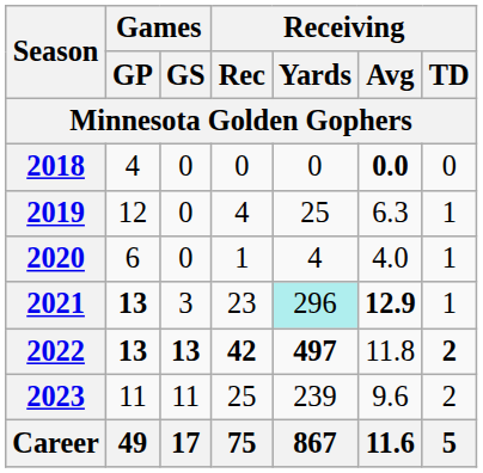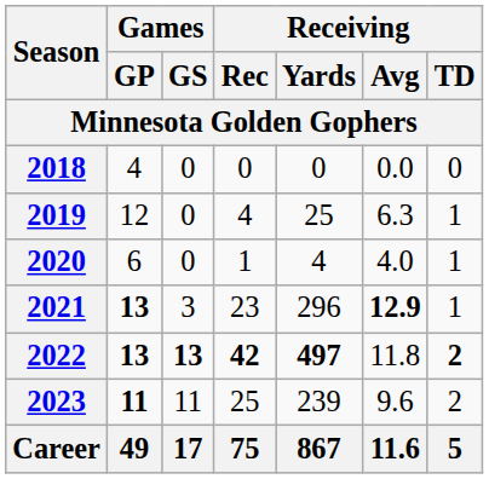 <table class="wikitable" style="text-align:center;">
 <tr>
 <th rowspan="2">Season</th>
 <th colspan="2">Games</th>
 <th colspan="4">Receiving</th>
 </tr>
 <tr>
 <th>GP</th>
 <th>GS</th>
 <th>Rec</th>
 <th>Yards</th>
 <th>Avg</th>
 <th>TD</th>
 </tr>
 <tr>
 <th colspan="7">Minnesota Golden Gophers</th>
 </tr>
 <tr>
 <th><a href='#'>2018</a></th>
 <td>4</td>
 <td>0</td>
 <td>0</td>
 <td>0</td>
-<td><strong>0.0</strong></td>
+<td>0.0</td>
 <td>0</td>
 </tr>
 <tr>
 <th><a href='#'>2019</a></th>
 <td>12</td>
 <td>0</td>
 <td>4</td>
 <td>25</td>
 <td>6.3</td>
 <td>1</td>
 </tr>
 <tr>
 <th><a href='#'>2020</a></th>
 <td>6</td>
 <td>0</td>
 <td>1</td>
 <td>4</td>
 <td>4.0</td>
 <td>1</td>
 </tr>
 <tr>
 <th><a href='#'>2021</a></th>
 <td><strong>13</strong></td>
 <td>3</td>
 <td>23</td>
-<td style="background: paleturquoise;">296</td>
+<td>296</td>
 <td><strong>12.9</strong></td>
 <td>1</td>
 </tr>
 <tr>
 <th><a href='#'>2022</a></th>
 <td><strong>13</strong></td>
 <td><strong>13</strong></td>
 <td><strong>42</strong></td>
 <td><strong>497</strong></td>
 <td>11.8</td>
 <td><strong>2</strong></td>
 </tr>
 <tr>
 <th><a href='#'>2023</a></th>
-<td>11</td>
+<td><strong>11</strong></td>
 <td>11</td>
 <td>25</td>
 <td>239</td>
 <td>9.6</td>
 <td>2</td>
 </tr>
 <tr>
 <th>Career</th>
 <th>49</th>
 <th>17</th>
 <th>75</th>
 <th>867</th>
 <th>11.6</th>
 <th>5</th>
 </tr>
 </table>
